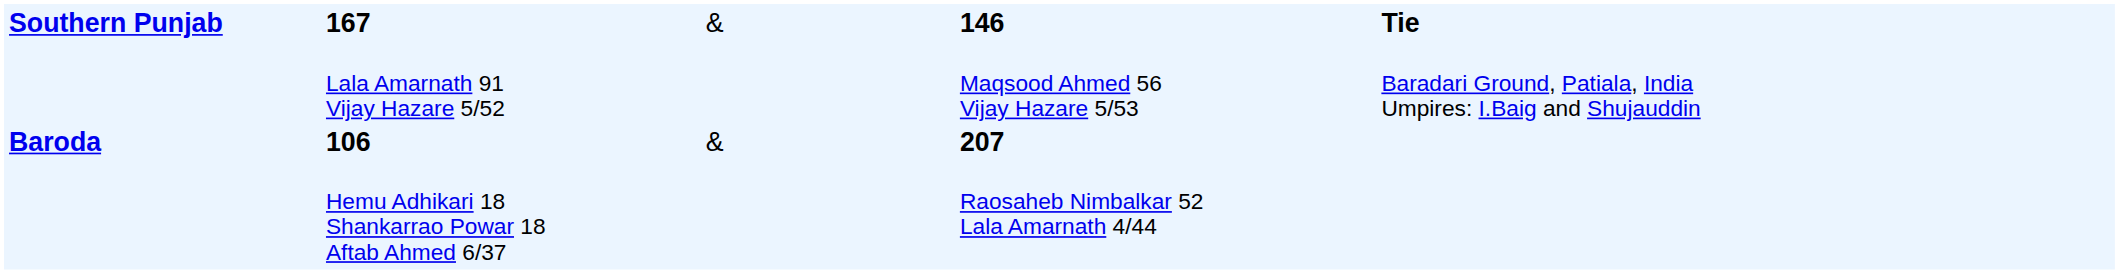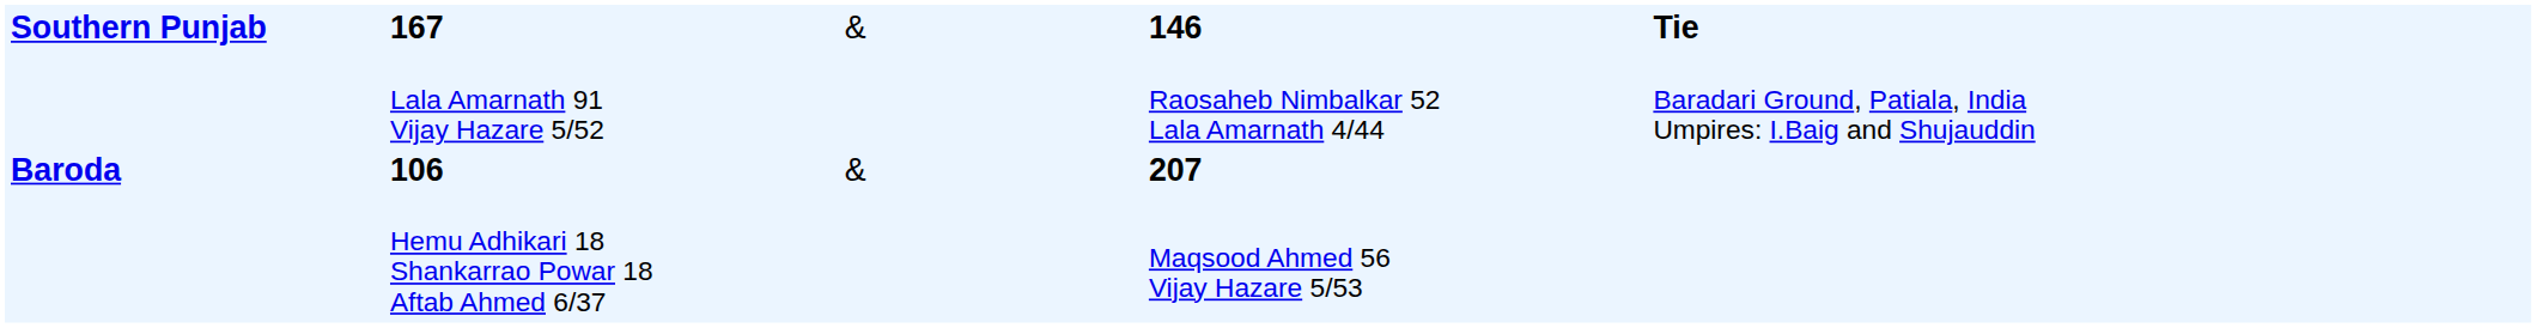 <table width="100%" style="background: #EBF5FF">
 <tr>
 <td width="15%" valign="top" rowspan="2"><strong><a href='#'>Southern Punjab</a></strong></td>
 <td width="18%"><strong>167</strong></td>
 <td width="12%">&</td>
 <td width="20%"><strong>146</strong></td>
 <td width="35%"><strong>Tie</strong></td>
 </tr>
 <tr>
 <td style="font-size: 85%;" valign="top"><br><a href='#'>Lala Amarnath</a> 91<br> <a href='#'>Vijay Hazare</a> 5/52</td>
 <td></td>
-<td style="font-size: 85%;"><br><a href='#'>Maqsood Ahmed</a> 56<br> <a href='#'>Vijay Hazare</a> 5/53</td>
+<td valign="top" style="font-size: 85%;"><br><a href='#'>Raosaheb Nimbalkar</a> 52<br> <a href='#'>Lala Amarnath</a> 4/44</td>
 <td valign="top" style="font-size: 85%;" rowspan="3"><br><a href='#'>Baradari Ground</a>, <a href='#'>Patiala</a>, <a href='#'>India</a><br> Umpires: <a href='#'>I.Baig</a> and <a href='#'>Shujauddin</a></td>
 </tr>
 <tr>
 <td valign="top" rowspan="2"><strong><a href='#'>Baroda</a></strong></td>
 <td><strong>106</strong></td>
 <td>&</td>
 <td><strong>207</strong></td>
 </tr>
 <tr>
 <td style="font-size: 85%;"><br><a href='#'>Hemu Adhikari</a> 18<br><a href='#'>Shankarrao Powar</a> 18<br> <a href='#'>Aftab Ahmed</a> 6/37</td>
 <td></td>
-<td valign="top" style="font-size: 85%;"><br><a href='#'>Raosaheb Nimbalkar</a> 52<br> <a href='#'>Lala Amarnath</a> 4/44</td>
+<td style="font-size: 85%;"><br><a href='#'>Maqsood Ahmed</a> 56<br> <a href='#'>Vijay Hazare</a> 5/53</td>
 </tr>
 </table>
